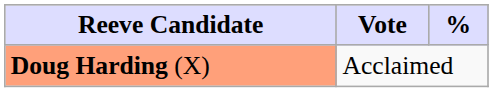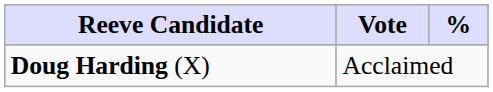 <table class="wikitable">
 <tr>
 <th style="background:#ddf; width:200px;">Reeve Candidate</th>
 <th style="background:#ddf; width:50px;">Vote</th>
 <th style="background:#ddf; width:30px;">%</th>
 </tr>
 <tr>
-<td style="background: lightsalmon;"><strong>Doug Harding</strong> (X)</td>
+<td><strong>Doug Harding</strong> (X)</td>
 <td colspan="2">Acclaimed</td>
 </tr>
 </table>
